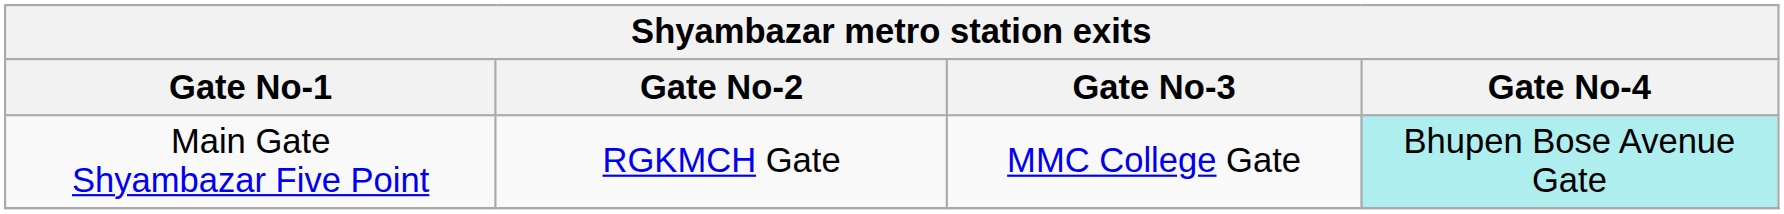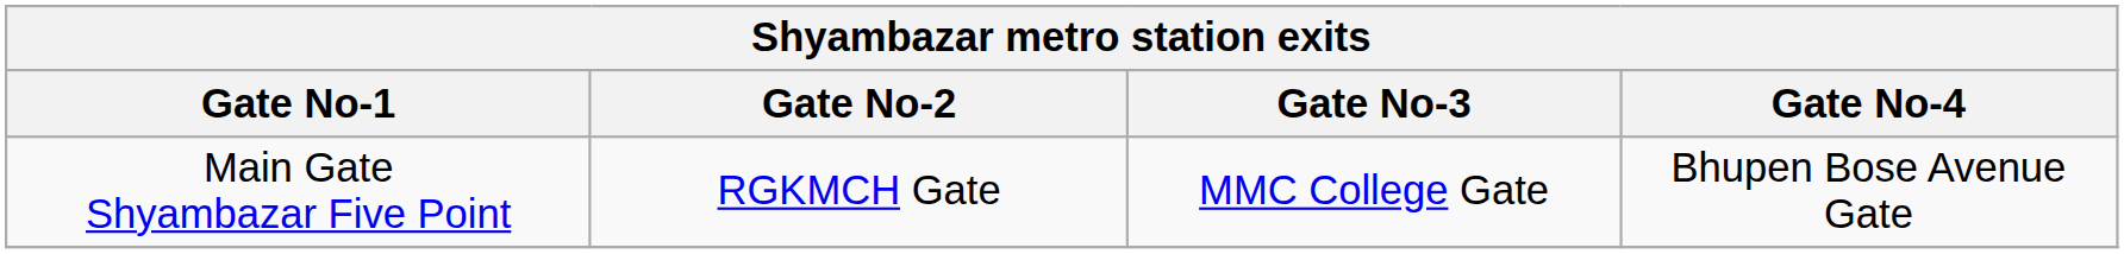 <table class="wikitable" style="text-align: center;" width="65%">
 <tr>
 <th align="center" colspan="4" style="background:;"><span><strong>Shyambazar metro station exits </strong></span></th>
 </tr>
 <tr>
 <th style="width:5%;">Gate No-1</th>
 <th style="width:5%;">Gate No-2</th>
 <th style="width:5%;">Gate No-3</th>
 <th style="width:5%;">Gate No-4</th>
 </tr>
 <tr>
 <td>Main Gate<br><a href='#'>Shyambazar Five Point</a></td>
 <td><a href='#'>RGKMCH</a> Gate</td>
 <td><a href='#'>MMC College</a> Gate</td>
-<td style="background: paleturquoise;">Bhupen Bose Avenue<br>Gate</td>
+<td>Bhupen Bose Avenue<br>Gate</td>
 </tr>
 <tr>
 </tr>
 </table>
